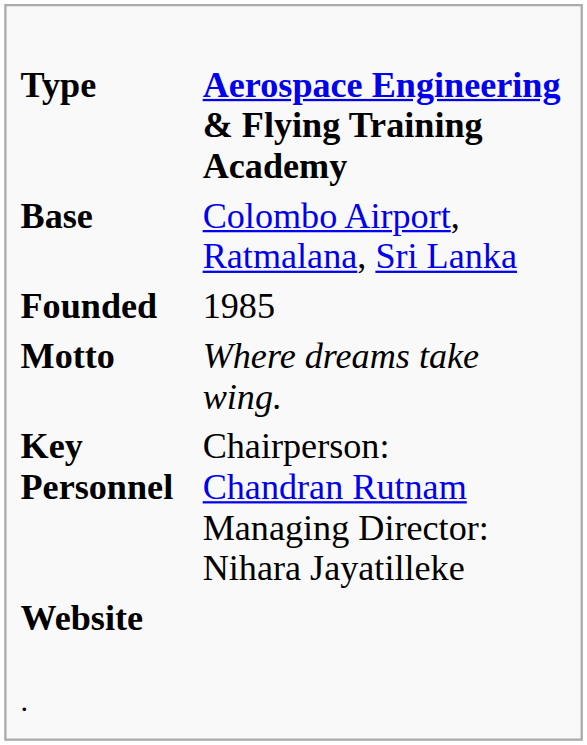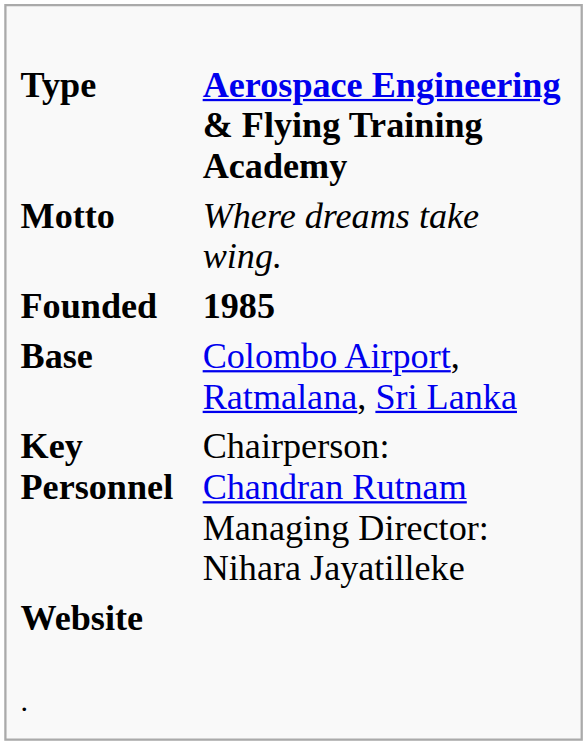 <table class="infobox" style="width:16em;">
 <tr>
 <td colspan=2 style="text-align:left; font-size:smaller;"><br></td>
 </tr>
 <tr>
 <td><strong>Type</strong></td>
 <td><strong><a href='#'>Aerospace Engineering</a> & Flying Training Academy</strong></td>
 </tr>
 <tr>
-<td><strong>Base</strong></td>
-<td><a href='#'>Colombo Airport</a>, <a href='#'>Ratmalana</a>, <a href='#'>Sri Lanka</a></td>
+<td><strong>Motto</strong></td>
+<td><em>Where dreams take wing.</em></td>
 </tr>
 <tr>
 <td><strong>Founded</strong></td>
-<td>1985</td>
+<td><strong>1985</strong></td>
 </tr>
 <tr>
-<td><strong>Motto</strong></td>
-<td><em>Where dreams take wing.</em></td>
+<td><strong>Base</strong></td>
+<td><a href='#'>Colombo Airport</a>, <a href='#'>Ratmalana</a>, <a href='#'>Sri Lanka</a></td>
 </tr>
 <tr>
 <td><strong>Key Personnel</strong></td>
 <td>Chairperson:<br> <a href='#'>Chandran Rutnam</a><br>Managing Director:<br>    Nihara Jayatilleke<br></td>
 </tr>
 <tr>
 <td><strong>Website</strong></td>
 <td></td>
 </tr>
 <tr>
 <td colspan=2 style="text-align:left; font-size:smaller;"><br>.</td>
 </tr>
 <tr>
 </tr>
 </table>
